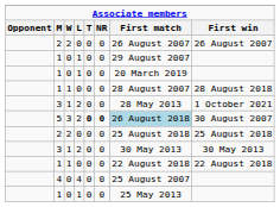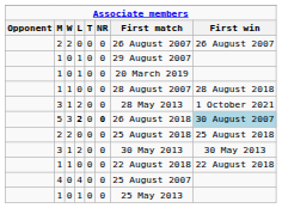 <table class="wikitable" style="text-align: center;">
 <tr>
 </tr>
 <tr>
 <td colspan="30" style="text-align: center;"><strong><a href='#'>Associate members</a></strong></td>
 </tr>
 <tr>
 <th>Opponent</th>
 <th>M</th>
 <th>W</th>
 <th>L</th>
 <th>T</th>
 <th>NR</th>
 <th>First match</th>
 <th>First win</th>
 </tr>
 <tr>
 <td></td>
 <td>2</td>
 <td>2</td>
 <td>0</td>
 <td>0</td>
 <td>0</td>
 <td>26 August 2007</td>
 <td>26 August 2007</td>
 </tr>
 <tr>
 <td></td>
 <td>1</td>
 <td>0</td>
 <td>1</td>
 <td>0</td>
 <td>0</td>
 <td>29 August 2007</td>
 <td></td>
 </tr>
 <tr>
 <td></td>
 <td>1</td>
 <td>0</td>
 <td>1</td>
 <td>0</td>
 <td>0</td>
 <td>20 March 2019</td>
 <td></td>
 </tr>
 <tr>
 <td></td>
 <td>1</td>
 <td>1</td>
 <td>0</td>
 <td>0</td>
 <td>0</td>
 <td>28 August 2007</td>
 <td>28 August 2018</td>
 </tr>
 <tr>
 <td></td>
 <td>3</td>
 <td>1</td>
 <td>2</td>
 <td>0</td>
 <td>0</td>
 <td>28 May 2013</td>
 <td>1 October 2021</td>
 </tr>
 <tr>
 <td></td>
 <td>5</td>
 <td>3</td>
-<td>2</td>
+<td><strong>2</strong></td>
+<td>0</td>
 <td><strong>0</strong></td>
-<td><strong>0</strong></td>
-<td style="background: lightblue;">26 August 2018</td>
-<td>30 August 2007</td>
+<td>26 August 2018</td>
+<td style="background: lightblue;">30 August 2007</td>
 </tr>
 <tr>
 <td></td>
 <td>2</td>
 <td>2</td>
 <td>0</td>
 <td>0</td>
 <td>0</td>
 <td>25 August 2018</td>
 <td>25 August 2018</td>
 </tr>
 <tr>
 <td></td>
 <td>3</td>
 <td>1</td>
 <td>2</td>
 <td>0</td>
 <td>0</td>
 <td>30 May 2013</td>
 <td>30 May 2013</td>
 </tr>
 <tr>
 <td></td>
 <td>1</td>
 <td>1</td>
 <td>0</td>
 <td>0</td>
 <td>0</td>
 <td>22 August 2018</td>
 <td>22 August 2018</td>
 </tr>
 <tr>
 <td></td>
 <td>4</td>
 <td>0</td>
 <td>4</td>
 <td>0</td>
 <td>0</td>
 <td>25 August 2007</td>
 <td></td>
 </tr>
 <tr>
 <td></td>
 <td>1</td>
 <td>0</td>
 <td>1</td>
 <td>0</td>
 <td>0</td>
 <td>25 May 2013</td>
 <td></td>
 </tr>
 </table>
